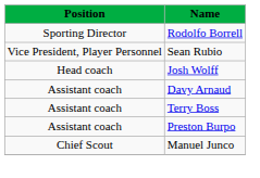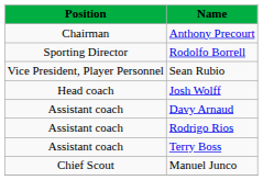 <table class="wikitable" style="text-align:center;">
 <tr>
 <th style="background:#00AE42; color:black;">Position</th>
 <th style="background:#00AE42; color:black;">Name</th>
+</tr>
+<tr>
+<td>Chairman</td>
+<td align=left> <a href='#'>Anthony Precourt</a></td>
 </tr>
 <tr>
 <td>Sporting Director</td>
 <td align=left> <a href='#'>Rodolfo Borrell</a></td>
 </tr>
 <tr>
 <td>Vice President, Player Personnel</td>
 <td align=left> Sean Rubio</td>
 </tr>
 <tr>
 <td>Head coach</td>
 <td align=left> <a href='#'>Josh Wolff</a></td>
 </tr>
 <tr>
 <td>Assistant coach</td>
 <td align=left> <a href='#'>Davy Arnaud</a></td>
 </tr>
 <tr>
 <td>Assistant coach</td>
-<td align=left> <a href='#'>Terry Boss</a></td>
+<td align=left> <a href='#'>Rodrigo Rios</a></td>
 </tr>
 <tr>
 <td>Assistant coach</td>
-<td align=left> <a href='#'>Preston Burpo</a></td>
+<td align=left> <a href='#'>Terry Boss</a></td>
 </tr>
 <tr>
 <td>Chief Scout</td>
 <td align=left> Manuel Junco</td>
 </tr>
 <tr>
 </tr>
 </table>
